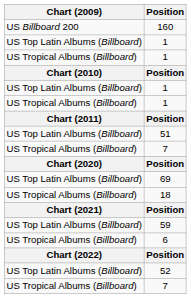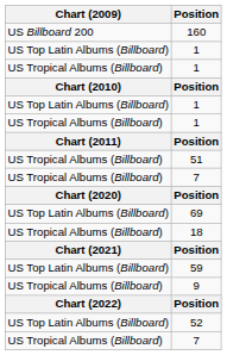 <table class="wikitable">
 <tr>
 <th>Chart (2009)</th>
 <th>Position</th>
 </tr>
 <tr>
 <td>US <em>Billboard</em> 200</td>
 <td style="text-align:center;">160</td>
 </tr>
 <tr>
 <td>US Top Latin Albums (<em>Billboard</em>)</td>
 <td style="text-align:center;">1</td>
 </tr>
 <tr>
 <td>US Tropical Albums (<em>Billboard</em>)</td>
 <td style="text-align:center;">1</td>
 </tr>
 <tr>
 <th>Chart (2010)</th>
 <th>Position</th>
 </tr>
 <tr>
 <td>US Top Latin Albums (<em>Billboard</em>)</td>
 <td style="text-align:center;">1</td>
 </tr>
 <tr>
 <td>US Tropical Albums (<em>Billboard</em>)</td>
 <td style="text-align:center;">1</td>
 </tr>
 <tr>
 <th>Chart (2011)</th>
 <th>Position</th>
 </tr>
 <tr>
-<td>US Top Latin Albums (<em>Billboard</em>)</td>
+<td>US Tropical Albums (<em>Billboard</em>)</td>
 <td style="text-align:center;">51</td>
 </tr>
 <tr>
 <td>US Tropical Albums (<em>Billboard</em>)</td>
 <td style="text-align:center;">7</td>
 </tr>
 <tr>
 <th>Chart (2020)</th>
 <th>Position</th>
 </tr>
 <tr>
 <td>US Top Latin Albums (<em>Billboard</em>)</td>
 <td style="text-align:center;">69</td>
 </tr>
 <tr>
 <td>US Tropical Albums (<em>Billboard</em>)</td>
 <td style="text-align:center;">18</td>
 </tr>
 <tr>
 <th>Chart (2021)</th>
 <th>Position</th>
 </tr>
 <tr>
 <td>US Top Latin Albums (<em>Billboard</em>)</td>
 <td style="text-align:center;">59</td>
 </tr>
 <tr>
 <td>US Tropical Albums (<em>Billboard</em>)</td>
-<td style="text-align:center;">6</td>
+<td style="text-align:center;">9</td>
 </tr>
 <tr>
 <th>Chart (2022)</th>
 <th>Position</th>
 </tr>
 <tr>
 <td>US Top Latin Albums (<em>Billboard</em>)</td>
 <td style="text-align:center;">52</td>
 </tr>
 <tr>
 <td>US Tropical Albums (<em>Billboard</em>)</td>
 <td style="text-align:center;">7</td>
 </tr>
 </table>
